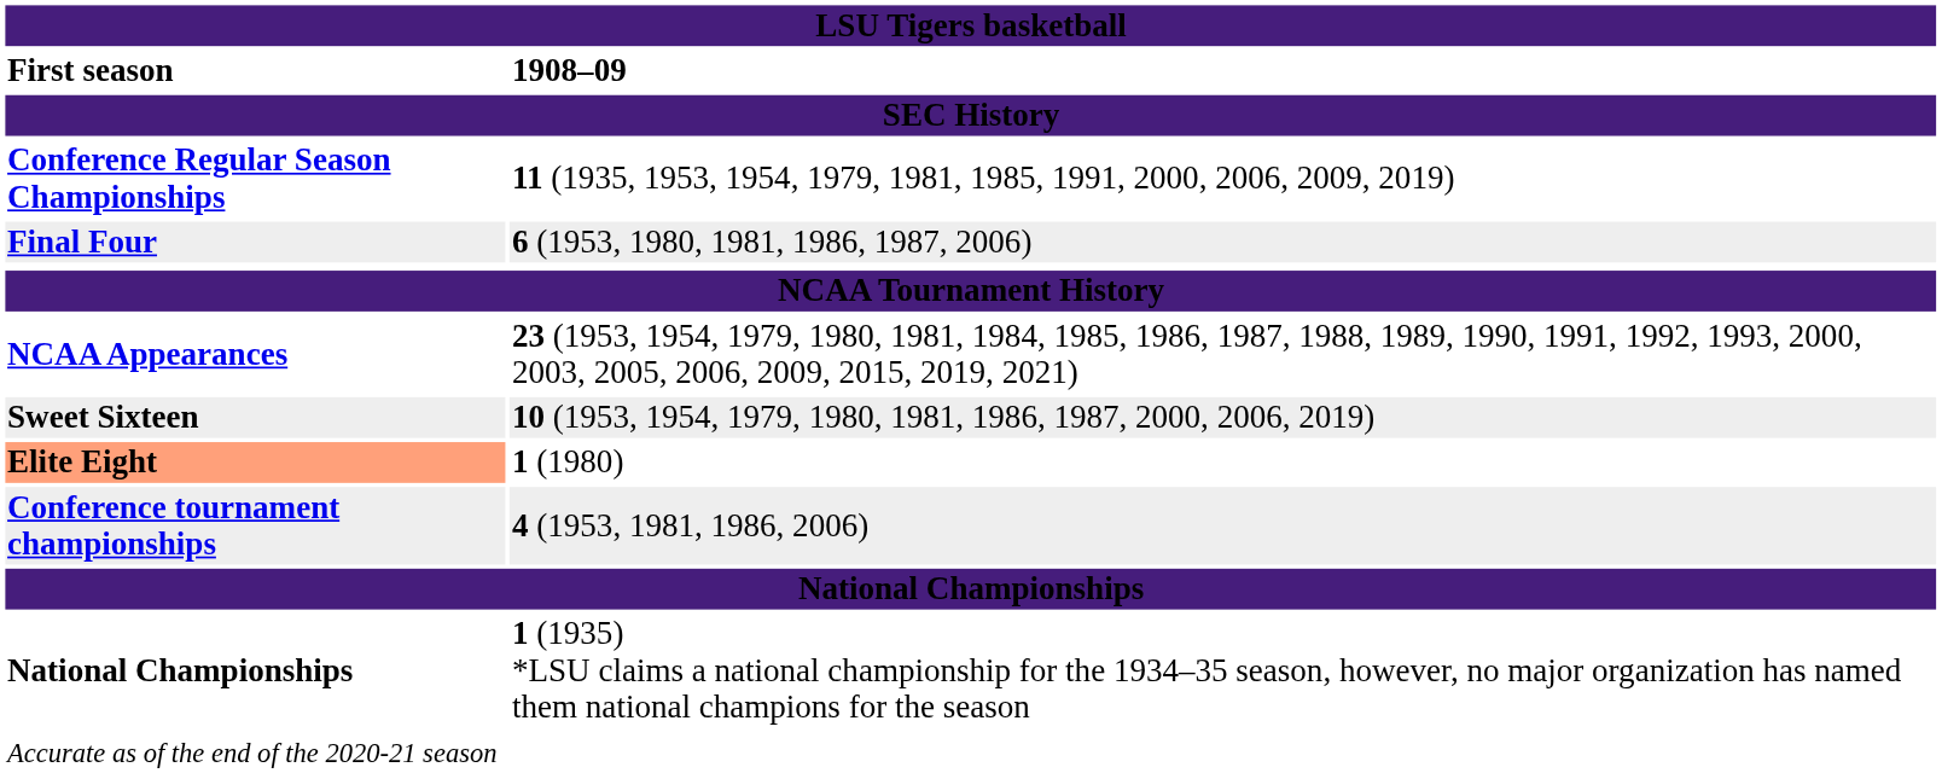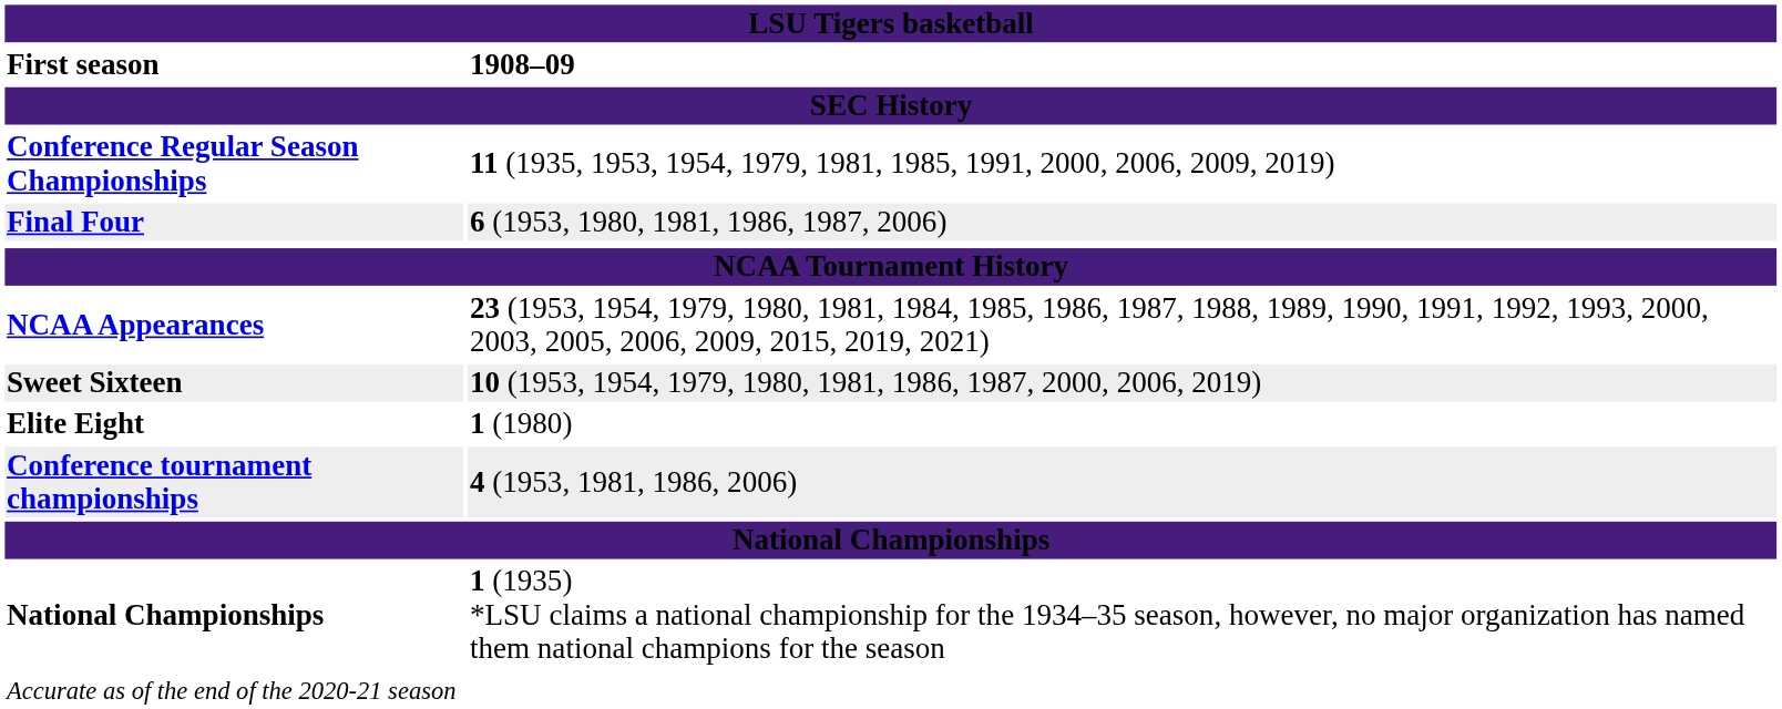 <table width=60% class="toccolours">
 <tr>
 <th colspan=2 bgcolor=461D7C><span>LSU Tigers basketball</span></th>
 </tr>
 <tr>
 <td><strong>First season</strong></td>
 <td><strong>1908–09</strong></td>
 </tr>
 <tr>
 <th colspan=2 bgcolor=461D7C><span>SEC History</span></th>
 </tr>
 <tr>
 <td><strong><a href='#'>Conference Regular Season Championships</a></strong></td>
 <td><strong>11</strong> (1935, 1953, 1954, 1979, 1981, 1985, 1991, 2000, 2006, 2009, 2019)</td>
 </tr>
 <tr bgcolor=#eeeeee>
 <td><strong><a href='#'>Final Four</a></strong></td>
 <td><strong>6</strong> (1953, 1980, 1981, 1986, 1987, 2006)</td>
 </tr>
 <tr bgcolor=#eeeeee>
 </tr>
 <tr>
 <th colspan=2 bgcolor=461D7C><span>NCAA Tournament History</span></th>
 </tr>
 <tr>
 <td><strong><a href='#'>NCAA Appearances</a></strong></td>
 <td><strong>23</strong> (1953, 1954, 1979, 1980, 1981, 1984, 1985, 1986, 1987, 1988, 1989, 1990, 1991, 1992, 1993, 2000, 2003, 2005, 2006, 2009, 2015, 2019, 2021)</td>
 </tr>
 <tr bgcolor=#eeeeee>
 <td><strong>Sweet Sixteen</strong></td>
 <td><strong>10</strong> (1953, 1954, 1979, 1980, 1981, 1986, 1987, 2000, 2006, 2019)</td>
 </tr>
 <tr>
-<td style="background: lightsalmon;"><strong>Elite Eight</strong></td>
+<td><strong>Elite Eight</strong></td>
 <td><strong>1</strong> (1980)</td>
 </tr>
 <tr bgcolor=#eeeeee>
 <td><strong><a href='#'>Conference tournament championships</a></strong></td>
 <td><strong>4</strong> (1953, 1981, 1986, 2006)</td>
 </tr>
 <tr>
 <th colspan=2 bgcolor=461D7C><span>National Championships</span></th>
 </tr>
 <tr>
 <td><strong>National Championships</strong></td>
 <td><strong>1</strong> (1935)<br>*LSU claims a national championship for the 1934–35 season, however, no major organization has named them national champions for the season</td>
 </tr>
 <tr>
 <td colspan=2><small><em>Accurate as of the end of the 2020-21 season</em></small></td>
 </tr>
 </table>
